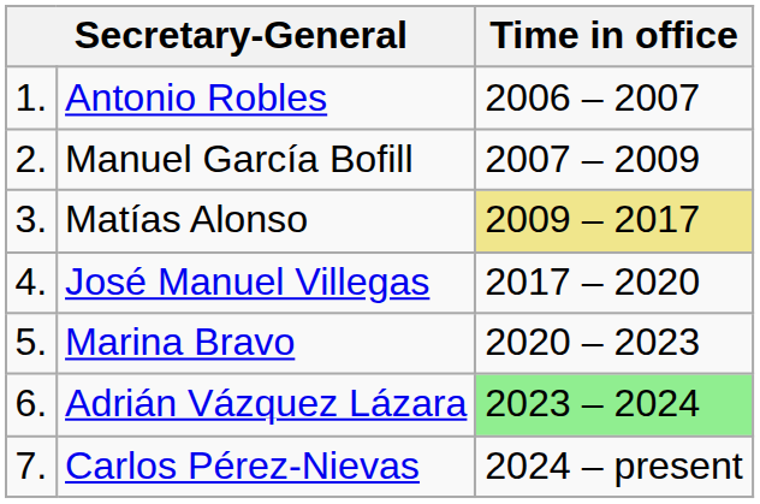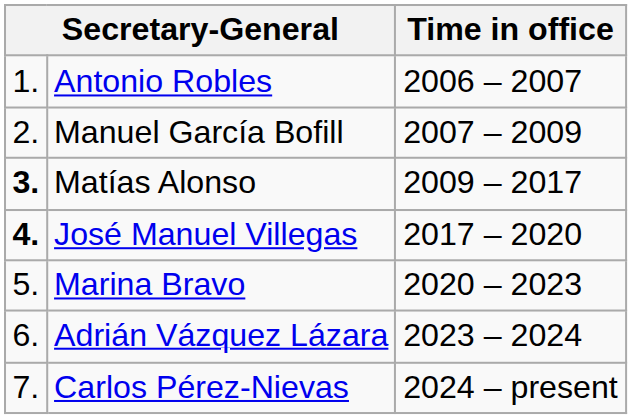 <table class="wikitable">
 <tr>
 <th colspan="2">Secretary-General</th>
 <th>Time in office</th>
 </tr>
 <tr>
 <td>1.</td>
 <td><a href='#'>Antonio Robles</a></td>
 <td>2006 – 2007</td>
 </tr>
 <tr>
 <td>2.</td>
 <td>Manuel García Bofill</td>
 <td>2007 – 2009</td>
 </tr>
 <tr>
-<td>3.</td>
+<td><strong>3.</strong></td>
 <td>Matías Alonso</td>
-<td style="background: khaki;">2009 – 2017</td>
+<td>2009 – 2017</td>
 </tr>
 <tr>
-<td>4.</td>
+<td><strong>4.</strong></td>
 <td><a href='#'>José Manuel Villegas</a></td>
 <td>2017 – 2020</td>
 </tr>
 <tr>
 <td>5.</td>
 <td><a href='#'>Marina Bravo</a></td>
 <td>2020 – 2023</td>
 </tr>
 <tr>
 <td>6.</td>
 <td><a href='#'>Adrián Vázquez Lázara</a></td>
-<td style="background: lightgreen;">2023 – 2024</td>
+<td>2023 – 2024</td>
 </tr>
 <tr>
 <td>7.</td>
 <td><a href='#'>Carlos Pérez-Nievas</a></td>
 <td>2024 – present</td>
 </tr>
 </table>
